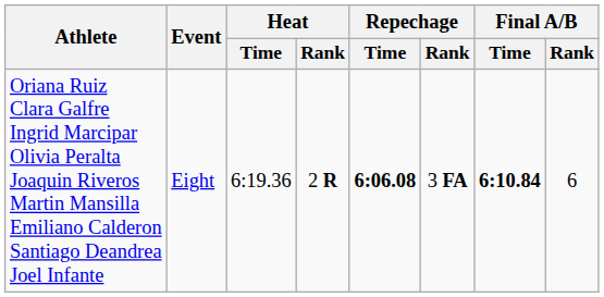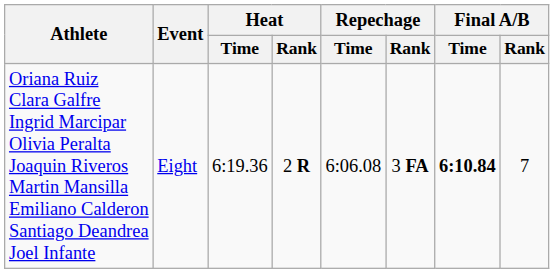 <table class=wikitable style=font-size:90%;text-align:center>
 <tr>
 <th rowspan=2>Athlete</th>
 <th rowspan=2>Event</th>
 <th colspan=2>Heat</th>
 <th colspan=2>Repechage</th>
 <th colspan=2>Final A/B</th>
 </tr>
 <tr style=font-size:95%>
 <th>Time</th>
 <th>Rank</th>
 <th>Time</th>
 <th>Rank</th>
 <th>Time</th>
 <th>Rank</th>
 </tr>
 <tr>
 <td align=left><a href='#'>Oriana Ruiz</a><br><a href='#'>Clara Galfre</a><br><a href='#'>Ingrid Marcipar</a><br><a href='#'>Olivia Peralta</a><br><a href='#'>Joaquin Riveros</a><br><a href='#'>Martin Mansilla</a><br><a href='#'>Emiliano Calderon</a><br><a href='#'>Santiago Deandrea</a><br><a href='#'>Joel Infante</a></td>
 <td align=left><a href='#'>Eight</a></td>
 <td>6:19.36</td>
 <td>2 <strong>R</strong></td>
-<td><strong>6:06.08</strong></td>
+<td>6:06.08</td>
 <td>3 <strong>FA</strong></td>
 <td><strong>6:10.84</strong></td>
-<td>6</td>
+<td>7</td>
 </tr>
 </table>
